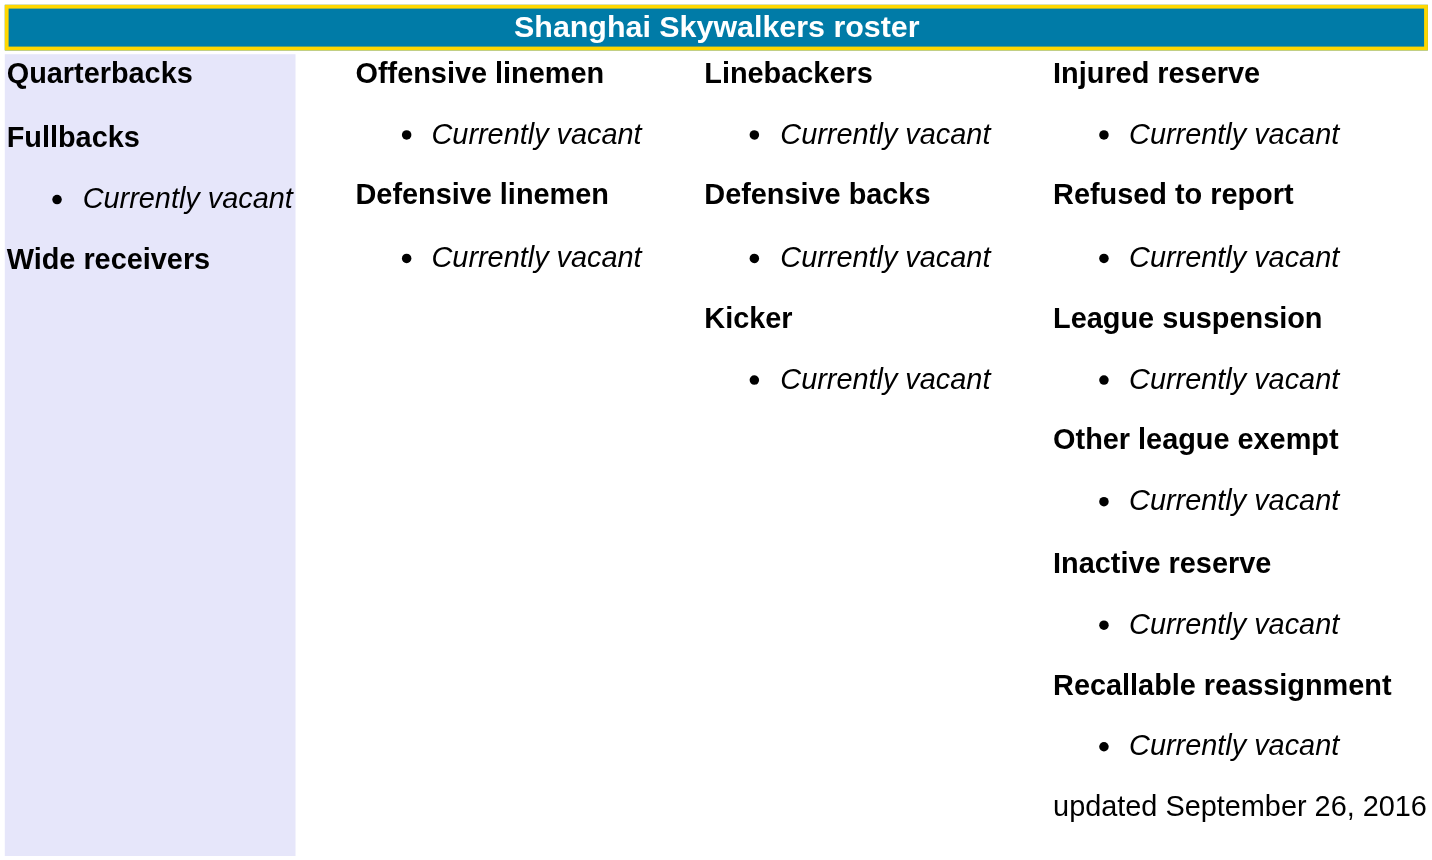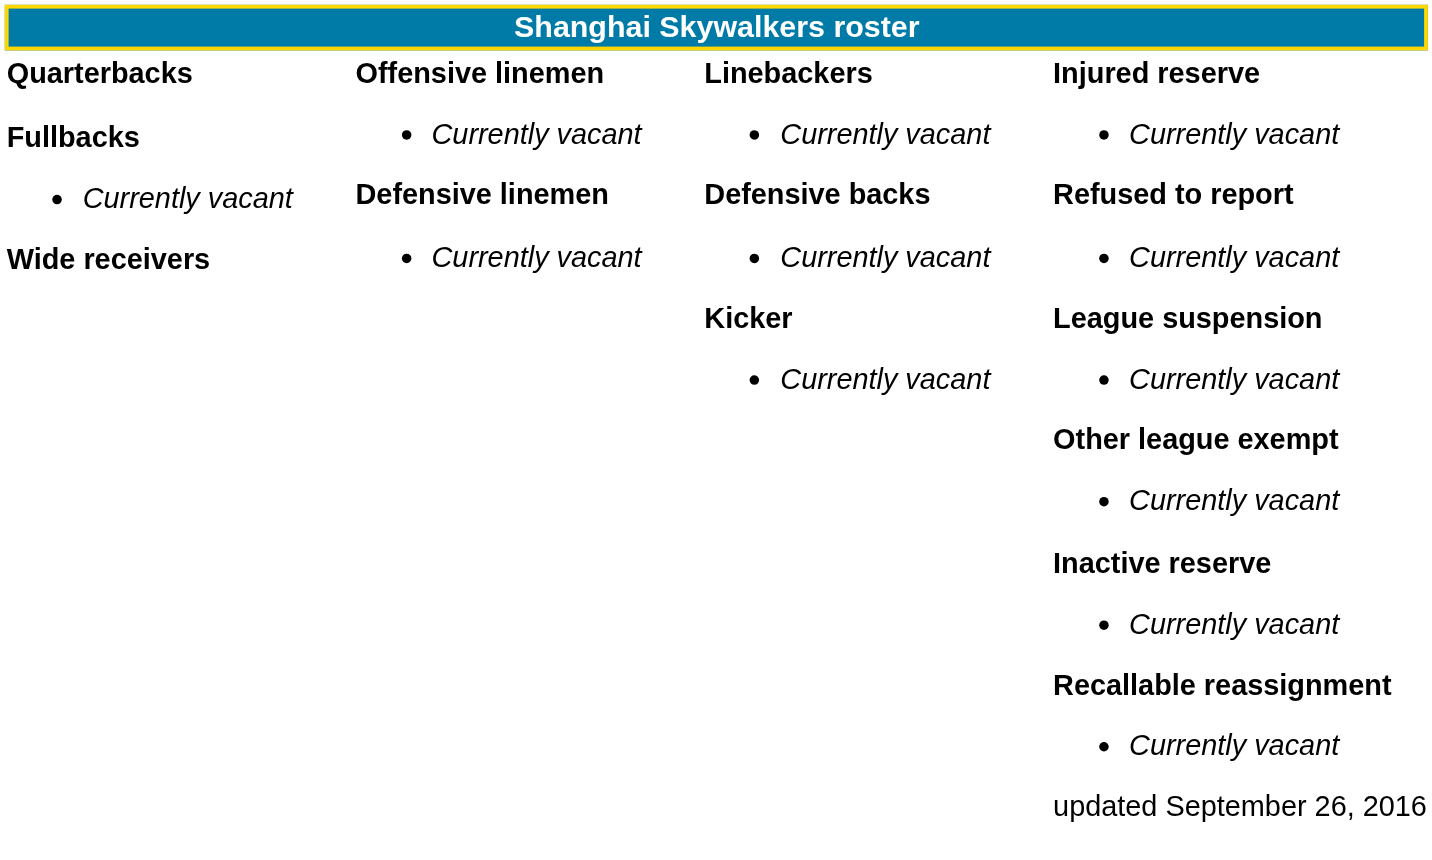 <table class="toccolours" style="text-align: left;">
 <tr>
 <th colspan="7" style="background-color:#007BA7; border: 2px solid #FFD700; color:white; text-align:center;"><strong>Shanghai Skywalkers roster</strong></th>
 </tr>
 <tr>
-<td style="background: lavender; font-size: 95%;vertical-align:top;"><strong>Quarterbacks</strong><br> <br><strong>Fullbacks</strong><ul><li><em>Currently vacant</em></li></ul><strong>Wide receivers</strong>  </td>
+<td style="font-size: 95%;vertical-align:top;"><strong>Quarterbacks</strong><br> <br><strong>Fullbacks</strong><ul><li><em>Currently vacant</em></li></ul><strong>Wide receivers</strong>  </td>
 <td style="width: 25px;"></td>
 <td style="font-size: 95%;vertical-align:top;"><strong>Offensive linemen</strong><br><ul><li><em>Currently vacant</em></li></ul><strong>Defensive linemen</strong><ul><li><em>Currently vacant</em></li></ul></td>
 <td style="width: 25px;"></td>
 <td style="font-size: 95%;vertical-align:top;"><strong>Linebackers</strong><br><ul><li><em>Currently vacant</em></li></ul><strong>Defensive backs</strong><ul><li><em>Currently vacant</em></li></ul><strong>Kicker</strong><ul><li><em>Currently vacant</em></li></ul></td>
 <td style="width: 25px;"></td>
 <td style="font-size: 95%;vertical-align:top;"><strong>Injured reserve</strong><br><ul><li><em>Currently vacant</em></li></ul><strong>Refused to report</strong><ul><li><em>Currently vacant</em></li></ul><strong>League suspension</strong><ul><li><em>Currently vacant</em></li></ul><strong>Other league exempt</strong><ul><li><em>Currently vacant</em></li></ul><strong>Inactive reserve</strong><ul><li><em>Currently vacant</em></li></ul><strong>Recallable reassignment</strong><ul><li><em>Currently vacant</em></li></ul><span></span> updated September 26, 2016<br><br></td>
 </tr>
 <tr>
 </tr>
 </table>
